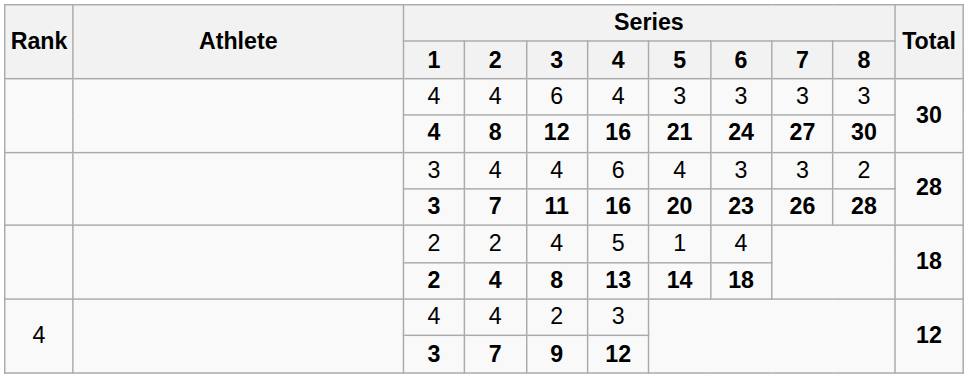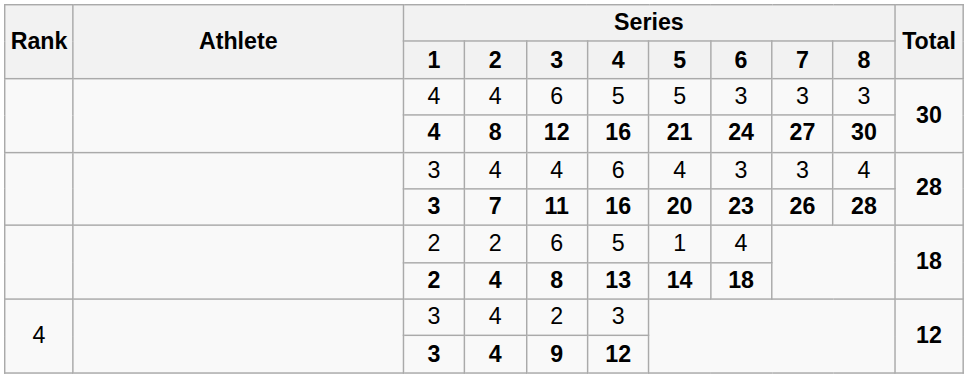 <table class="wikitable" style="text-align:center">
 <tr>
 <th rowspan=2 width=40>Rank</th>
 <th rowspan=2 width=220>Athlete</th>
 <th colspan=8>Series</th>
 <th rowspan=2 width=40>Total</th>
 </tr>
 <tr>
 <th width=35>1</th>
 <th width=35>2</th>
 <th width=35>3</th>
 <th width=35>4</th>
 <th width=35>5</th>
 <th width=35>6</th>
 <th width=35>7</th>
 <th width=35>8</th>
 </tr>
 <tr>
 <td rowspan=2></td>
 <td rowspan=2 align=left></td>
 <td>4</td>
 <td>4</td>
 <td>6</td>
-<td>4</td>
-<td>3</td>
+<td>5</td>
+<td>5</td>
 <td>3</td>
 <td>3</td>
 <td>3</td>
 <td rowspan=2><strong>30</strong></td>
 </tr>
 <tr>
 <td><strong>4</strong></td>
 <td><strong>8</strong></td>
 <td><strong>12</strong></td>
 <td><strong>16</strong></td>
 <td><strong>21</strong></td>
 <td><strong>24</strong></td>
 <td><strong>27</strong></td>
 <td><strong>30</strong></td>
 </tr>
 <tr>
 <td rowspan=2></td>
 <td rowspan=2 align=left></td>
 <td>3</td>
 <td>4</td>
 <td>4</td>
 <td>6</td>
 <td>4</td>
 <td>3</td>
 <td>3</td>
-<td>2</td>
+<td>4</td>
 <td rowspan=2><strong>28</strong></td>
 </tr>
 <tr>
 <td><strong>3</strong></td>
 <td><strong>7</strong></td>
 <td><strong>11</strong></td>
 <td><strong>16</strong></td>
 <td><strong>20</strong></td>
 <td><strong>23</strong></td>
 <td><strong>26</strong></td>
 <td><strong>28</strong></td>
 </tr>
 <tr>
 <td rowspan=2></td>
 <td rowspan=2 align=left></td>
 <td>2</td>
 <td>2</td>
-<td>4</td>
+<td>6</td>
 <td>5</td>
 <td>1</td>
 <td>4</td>
 <td colspan="2" rowspan=2></td>
 <td rowspan=2><strong>18</strong></td>
 </tr>
 <tr>
 <td><strong>2</strong></td>
 <td><strong>4</strong></td>
 <td><strong>8</strong></td>
 <td><strong>13</strong></td>
 <td><strong>14</strong></td>
 <td><strong>18</strong></td>
 </tr>
 <tr>
 <td rowspan=2>4</td>
 <td rowspan=2 align=left></td>
-<td>4</td>
+<td>3</td>
 <td>4</td>
 <td>2</td>
 <td>3</td>
 <td colspan=4 rowspan=2></td>
 <td rowspan=2><strong>12</strong></td>
 </tr>
 <tr>
 <td><strong>3</strong></td>
-<td><strong>7</strong></td>
+<td><strong>4</strong></td>
 <td><strong>9</strong></td>
 <td><strong>12</strong></td>
 </tr>
 </table>
